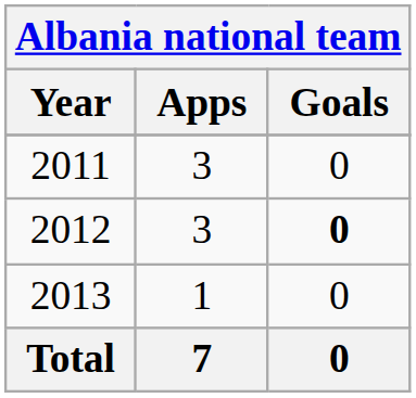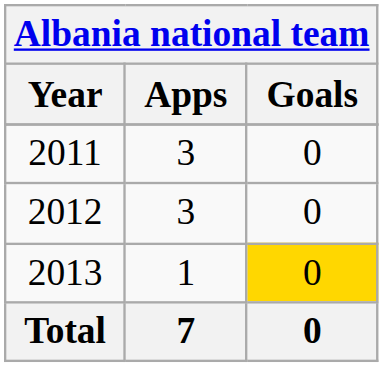 <table class="wikitable" style="text-align:center">
 <tr>
 <th colspan=3><a href='#'>Albania national team</a></th>
 </tr>
 <tr>
 <th>Year</th>
 <th>Apps</th>
 <th>Goals</th>
 </tr>
 <tr>
 </tr>
 <tr>
 <td>2011</td>
 <td>3</td>
 <td>0</td>
 </tr>
 <tr>
 <td>2012</td>
 <td>3</td>
-<td><strong>0</strong></td>
+<td>0</td>
 </tr>
 <tr>
 <td>2013</td>
 <td>1</td>
-<td>0</td>
+<td style="background: gold;">0</td>
 </tr>
 <tr>
 <th>Total</th>
 <th>7</th>
 <th>0</th>
 </tr>
 </table>
